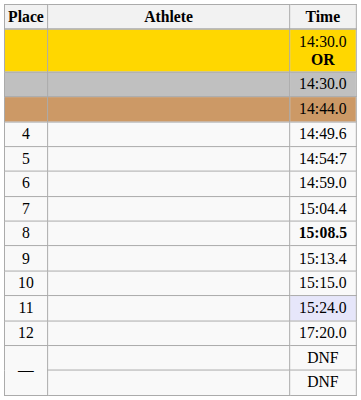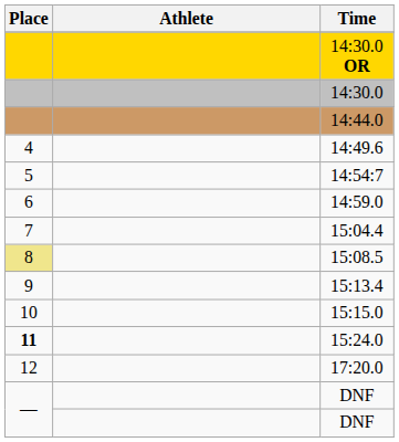 <table class=wikitable style="text-align:center">
 <tr>
 <th width=20>Place</th>
 <th width=240>Athlete</th>
 <th width=60>Time</th>
 </tr>
 <tr>
 </tr>
 <tr bgcolor=gold>
 <td></td>
 <td align=left></td>
 <td>14:30.0 <strong>OR</strong></td>
 </tr>
 <tr bgcolor=silver>
 <td></td>
 <td align=left></td>
 <td>14:30.0</td>
 </tr>
 <tr bgcolor=cc9966>
 <td></td>
 <td align=left></td>
 <td>14:44.0</td>
 </tr>
 <tr>
 <td>4</td>
 <td align=left></td>
 <td>14:49.6</td>
 </tr>
 <tr>
 <td>5</td>
 <td align=left></td>
 <td>14:54:7</td>
 </tr>
 <tr>
 <td>6</td>
 <td align=left></td>
 <td>14:59.0</td>
 </tr>
 <tr>
 <td>7</td>
 <td align=left></td>
 <td>15:04.4</td>
 </tr>
 <tr>
-<td>8</td>
+<td style="background: khaki;">8</td>
 <td align=left></td>
-<td><strong>15:08.5</strong></td>
+<td>15:08.5</td>
 </tr>
 <tr>
 <td>9</td>
 <td align=left></td>
 <td>15:13.4</td>
 </tr>
 <tr>
 <td>10</td>
 <td align=left></td>
 <td>15:15.0</td>
 </tr>
 <tr>
-<td>11</td>
+<td><strong>11</strong></td>
 <td align=left></td>
-<td style="background: lavender;">15:24.0</td>
+<td>15:24.0</td>
 </tr>
 <tr>
 <td>12</td>
 <td align=left></td>
 <td>17:20.0</td>
 </tr>
 <tr>
 <td rowspan=2>—</td>
 <td align=left></td>
 <td>DNF</td>
 </tr>
 <tr>
 <td align=left></td>
 <td>DNF</td>
 </tr>
 </table>
